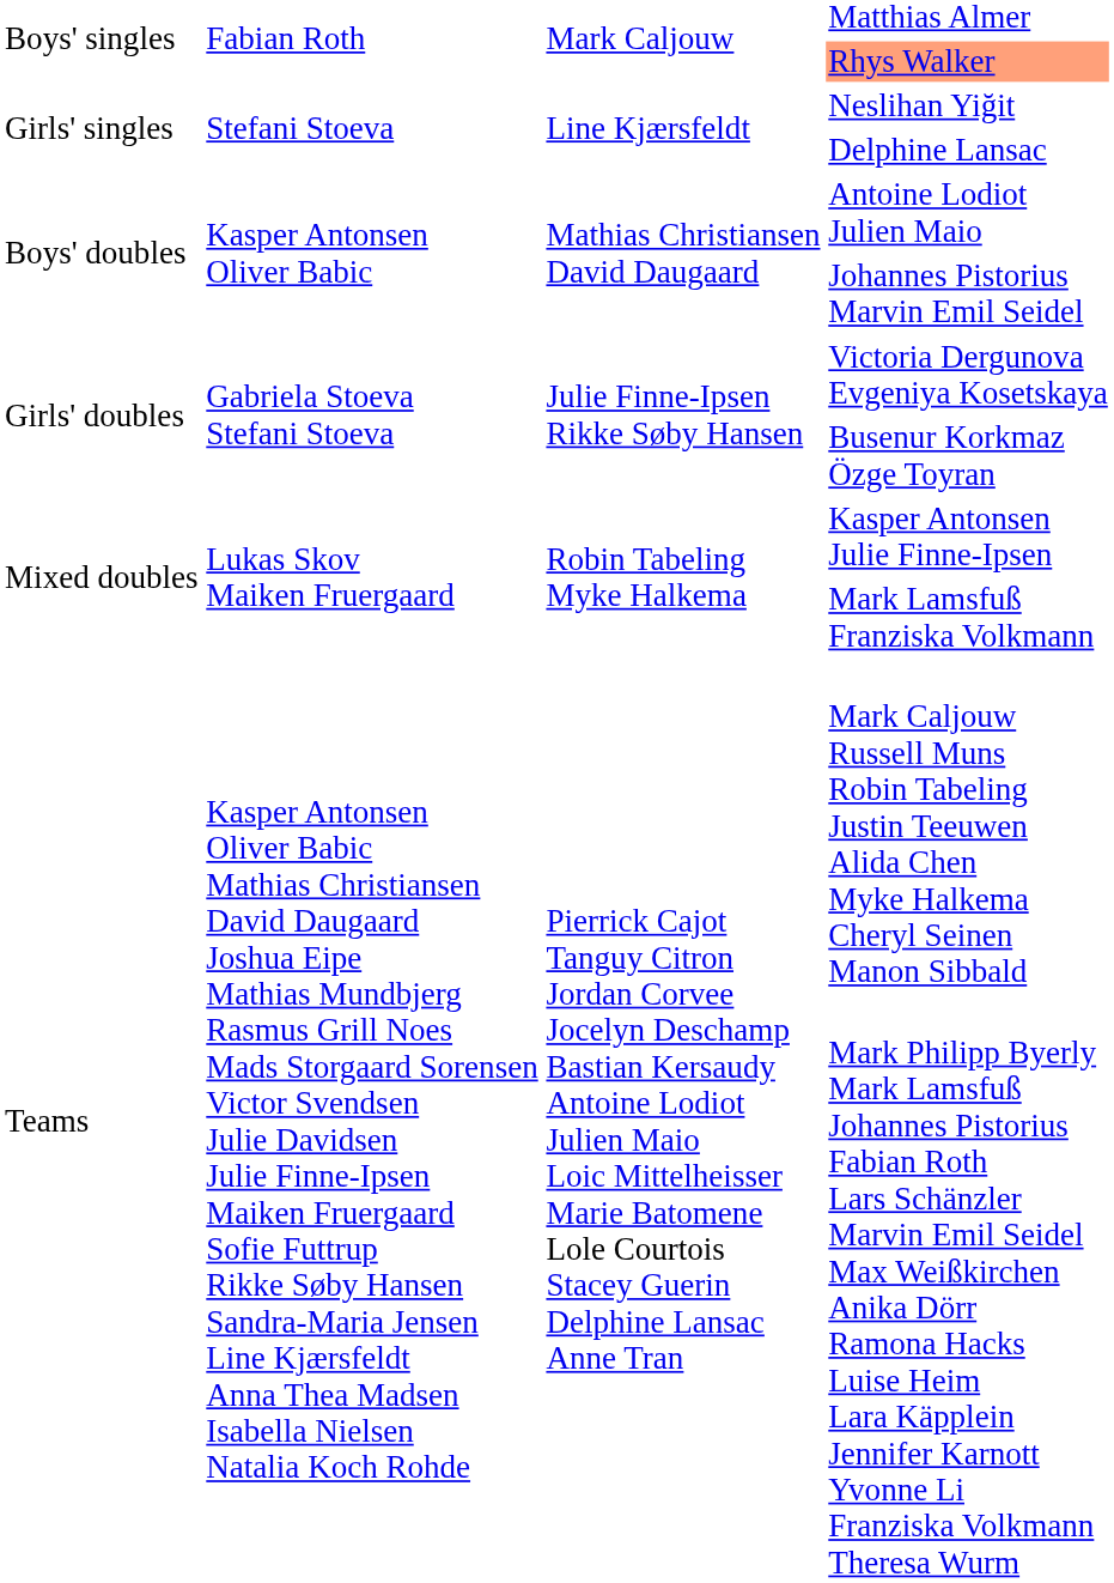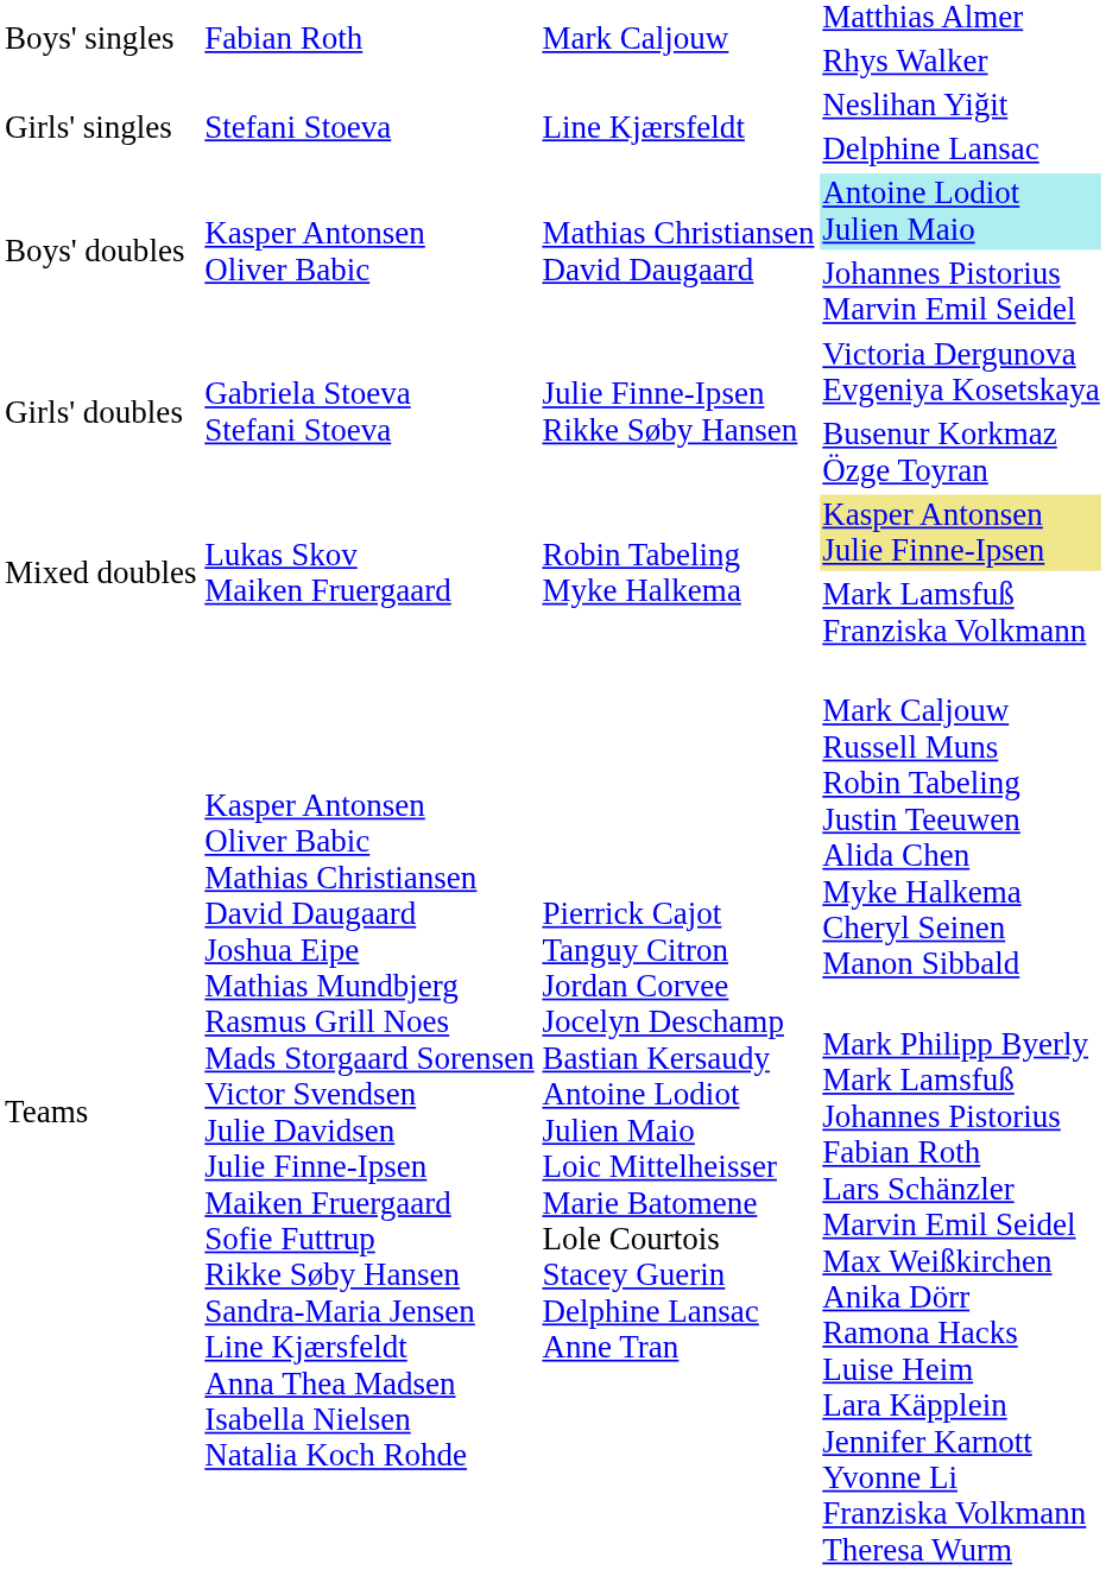 <table>
 <tr>
 <td rowspan=2>Boys' singles</td>
 <td rowspan=2> <a href='#'>Fabian Roth</a></td>
 <td rowspan=2> <a href='#'>Mark Caljouw</a></td>
 <td> <a href='#'>Matthias Almer</a></td>
 </tr>
 <tr>
-<td style="background: lightsalmon;"> <a href='#'>Rhys Walker</a></td>
+<td> <a href='#'>Rhys Walker</a></td>
 </tr>
 <tr>
 <td rowspan=2>Girls' singles</td>
 <td rowspan=2> <a href='#'>Stefani Stoeva</a></td>
 <td rowspan=2> <a href='#'>Line Kjærsfeldt</a></td>
 <td> <a href='#'>Neslihan Yiğit</a></td>
 </tr>
 <tr>
 <td> <a href='#'>Delphine Lansac</a></td>
 </tr>
 <tr>
 <td rowspan=2>Boys' doubles</td>
 <td rowspan=2> <a href='#'>Kasper Antonsen</a><br> <a href='#'>Oliver Babic</a></td>
 <td rowspan=2> <a href='#'>Mathias Christiansen</a><br> <a href='#'>David Daugaard</a></td>
-<td> <a href='#'>Antoine Lodiot</a><br> <a href='#'>Julien Maio</a></td>
+<td style="background: paleturquoise;"> <a href='#'>Antoine Lodiot</a><br> <a href='#'>Julien Maio</a></td>
 </tr>
 <tr>
 <td> <a href='#'>Johannes Pistorius</a><br> <a href='#'>Marvin Emil Seidel</a></td>
 </tr>
 <tr>
 <td rowspan=2>Girls' doubles</td>
 <td rowspan=2> <a href='#'>Gabriela Stoeva</a><br> <a href='#'>Stefani Stoeva</a></td>
 <td rowspan=2> <a href='#'>Julie Finne-Ipsen</a><br> <a href='#'>Rikke Søby Hansen</a></td>
 <td> <a href='#'>Victoria Dergunova</a><br> <a href='#'>Evgeniya Kosetskaya</a></td>
 </tr>
 <tr>
 <td> <a href='#'>Busenur Korkmaz</a><br> <a href='#'>Özge Toyran</a></td>
 </tr>
 <tr>
 <td rowspan=2>Mixed doubles</td>
 <td rowspan=2> <a href='#'>Lukas Skov</a><br> <a href='#'>Maiken Fruergaard</a></td>
 <td rowspan=2> <a href='#'>Robin Tabeling</a><br> <a href='#'>Myke Halkema</a></td>
-<td> <a href='#'>Kasper Antonsen</a><br> <a href='#'>Julie Finne-Ipsen</a></td>
+<td style="background: khaki;"> <a href='#'>Kasper Antonsen</a><br> <a href='#'>Julie Finne-Ipsen</a></td>
 </tr>
 <tr>
 <td> <a href='#'>Mark Lamsfuß</a><br> <a href='#'>Franziska Volkmann</a></td>
 </tr>
 <tr>
 <td rowspan=2>Teams</td>
 <td rowspan=2><br><a href='#'>Kasper Antonsen</a><br><a href='#'>Oliver Babic</a><br><a href='#'>Mathias Christiansen</a><br><a href='#'>David Daugaard</a><br><a href='#'>Joshua Eipe</a><br><a href='#'>Mathias Mundbjerg</a><br><a href='#'>Rasmus Grill Noes</a><br><a href='#'>Mads Storgaard Sorensen</a><br><a href='#'>Victor Svendsen</a><br><a href='#'>Julie Davidsen</a><br><a href='#'>Julie Finne-Ipsen</a><br><a href='#'>Maiken Fruergaard</a><br><a href='#'>Sofie Futtrup</a><br><a href='#'>Rikke Søby Hansen</a><br><a href='#'>Sandra-Maria Jensen</a><br><a href='#'>Line Kjærsfeldt</a><br><a href='#'>Anna Thea Madsen</a><br><a href='#'>Isabella Nielsen</a><br><a href='#'>Natalia Koch Rohde</a></td>
 <td rowspan=2><br><a href='#'>Pierrick Cajot</a><br><a href='#'>Tanguy Citron</a><br><a href='#'>Jordan Corvee</a><br><a href='#'>Jocelyn Deschamp</a><br><a href='#'>Bastian Kersaudy</a><br><a href='#'>Antoine Lodiot</a><br><a href='#'>Julien Maio</a><br><a href='#'>Loic Mittelheisser</a><br><a href='#'>Marie Batomene</a><br>Lole Courtois<br><a href='#'>Stacey Guerin</a><br><a href='#'>Delphine Lansac</a><br><a href='#'>Anne Tran</a></td>
 <td><br><a href='#'>Mark Caljouw</a><br><a href='#'>Russell Muns</a><br><a href='#'>Robin Tabeling</a><br><a href='#'>Justin Teeuwen</a><br><a href='#'>Alida Chen</a><br><a href='#'>Myke Halkema</a><br><a href='#'>Cheryl Seinen</a><br><a href='#'>Manon Sibbald</a></td>
 </tr>
 <tr>
 <td><br><a href='#'>Mark Philipp Byerly</a><br><a href='#'>Mark Lamsfuß</a><br><a href='#'>Johannes Pistorius</a><br><a href='#'>Fabian Roth</a><br><a href='#'>Lars Schänzler</a><br><a href='#'>Marvin Emil Seidel</a><br><a href='#'>Max Weißkirchen</a><br><a href='#'>Anika Dörr</a><br><a href='#'>Ramona Hacks</a><br><a href='#'>Luise Heim</a><br><a href='#'>Lara Käpplein</a><br><a href='#'>Jennifer Karnott</a><br><a href='#'>Yvonne Li</a><br><a href='#'>Franziska Volkmann</a><br><a href='#'>Theresa Wurm</a></td>
 </tr>
 </table>
